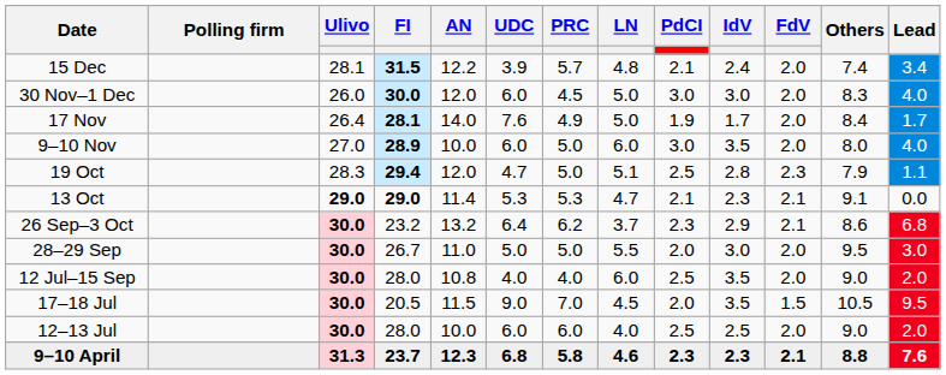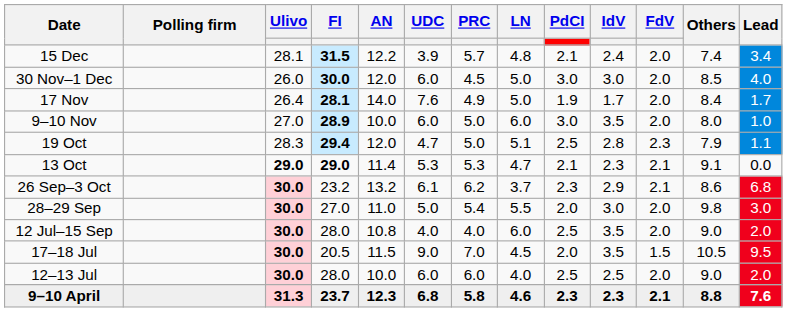 <table class="wikitable collapsible" style="text-align:center;font-size:85%;line-height:13px">
 <tr style="height:30px; background-color:#E9E9E9">
 <th style="width:100px;" rowspan="2">Date</th>
 <th style="width:120px;" rowspan="2">Polling firm</th>
 <th style="width:35px;"><a href='#'>Ulivo</a></th>
 <th style="width:35px;"><a href='#'>FI</a></th>
 <th style="width:35px;"><a href='#'>AN</a></th>
 <th style="width:35px;"><a href='#'>UDC</a></th>
 <th style="width:35px;"><a href='#'>PRC</a></th>
 <th style="width:35px;"><a href='#'>LN</a></th>
 <th style="width:35px;"><a href='#'>PdCI</a></th>
 <th style="width:35px;"><a href='#'>IdV</a></th>
 <th style="width:35px;"><a href='#'>FdV</a></th>
 <th style="width:35px;" rowspan="2">Others</th>
 <th style="width:25px;" rowspan="2">Lead</th>
 </tr>
 <tr>
 <th style="background:"></th>
 <th style="background:"></th>
 <th style="background:"></th>
 <th style="background:"></th>
 <th style="background:"></th>
 <th style="background:"></th>
 <th style="background:red;"></th>
 <th style="background:"></th>
 <th style="background:"></th>
 </tr>
 <tr>
 <td>15 Dec</td>
 <td></td>
 <td>28.1</td>
 <td style="background:#C8EBFF"><strong>31.5</strong></td>
 <td>12.2</td>
 <td>3.9</td>
 <td>5.7</td>
 <td>4.8</td>
 <td>2.1</td>
 <td>2.4</td>
 <td>2.0</td>
 <td>7.4</td>
 <td style="background:#0087DC; color:white;">3.4</td>
 </tr>
 <tr>
 <td>30 Nov–1 Dec</td>
 <td></td>
 <td>26.0</td>
 <td style="background:#C8EBFF"><strong>30.0</strong></td>
 <td>12.0</td>
 <td>6.0</td>
 <td>4.5</td>
 <td>5.0</td>
 <td>3.0</td>
 <td>3.0</td>
 <td>2.0</td>
-<td>8.3</td>
+<td>8.5</td>
 <td style="background:#0087DC; color:white;">4.0</td>
 </tr>
 <tr>
 <td>17 Nov</td>
 <td></td>
 <td>26.4</td>
 <td style="background:#C8EBFF"><strong>28.1</strong></td>
 <td>14.0</td>
 <td>7.6</td>
 <td>4.9</td>
 <td>5.0</td>
 <td>1.9</td>
 <td>1.7</td>
 <td>2.0</td>
 <td>8.4</td>
 <td style="background:#0087DC; color:white;">1.7</td>
 </tr>
 <tr>
 <td>9–10 Nov</td>
 <td></td>
 <td>27.0</td>
 <td style="background:#C8EBFF"><strong>28.9</strong></td>
 <td>10.0</td>
 <td>6.0</td>
 <td>5.0</td>
 <td>6.0</td>
 <td>3.0</td>
 <td>3.5</td>
 <td>2.0</td>
 <td>8.0</td>
-<td style="background:#0087DC; color:white;">4.0</td>
+<td style="background:#0087DC; color:white;">1.0</td>
 </tr>
 <tr>
 <td>19 Oct</td>
 <td></td>
 <td>28.3</td>
 <td style="background:#C8EBFF"><strong>29.4</strong></td>
 <td>12.0</td>
 <td>4.7</td>
 <td>5.0</td>
 <td>5.1</td>
 <td>2.5</td>
 <td>2.8</td>
 <td>2.3</td>
 <td>7.9</td>
 <td style="background:#0087DC; color:white;">1.1</td>
 </tr>
 <tr>
 <td>13 Oct</td>
 <td></td>
 <td><strong>29.0</strong></td>
 <td><strong>29.0</strong></td>
 <td>11.4</td>
 <td>5.3</td>
 <td>5.3</td>
 <td>4.7</td>
 <td>2.1</td>
 <td>2.3</td>
 <td>2.1</td>
 <td>9.1</td>
 <td>0.0</td>
 </tr>
 <tr>
 <td>26 Sep–3 Oct</td>
 <td></td>
 <td style="background:#FFD0D7"><strong>30.0</strong></td>
 <td>23.2</td>
 <td>13.2</td>
-<td>6.4</td>
+<td>6.1</td>
 <td>6.2</td>
 <td>3.7</td>
 <td>2.3</td>
 <td>2.9</td>
 <td>2.1</td>
 <td>8.6</td>
 <td style="background:#F0001C; color:white;">6.8</td>
 </tr>
 <tr>
 <td>28–29 Sep</td>
 <td></td>
 <td style="background:#FFD0D7"><strong>30.0</strong></td>
-<td>26.7</td>
+<td>27.0</td>
 <td>11.0</td>
 <td>5.0</td>
-<td>5.0</td>
+<td>5.4</td>
 <td>5.5</td>
 <td>2.0</td>
 <td>3.0</td>
 <td>2.0</td>
-<td>9.5</td>
+<td>9.8</td>
 <td style="background:#F0001C; color:white;">3.0</td>
 </tr>
 <tr>
 <td>12 Jul–15 Sep</td>
 <td></td>
 <td style="background:#FFD0D7"><strong>30.0</strong></td>
 <td>28.0</td>
 <td>10.8</td>
 <td>4.0</td>
 <td>4.0</td>
 <td>6.0</td>
 <td>2.5</td>
 <td>3.5</td>
 <td>2.0</td>
 <td>9.0</td>
 <td style="background:#F0001C; color:white;">2.0</td>
 </tr>
 <tr>
 <td>17–18 Jul</td>
 <td></td>
 <td style="background:#FFD0D7"><strong>30.0</strong></td>
 <td>20.5</td>
 <td>11.5</td>
 <td>9.0</td>
 <td>7.0</td>
 <td>4.5</td>
 <td>2.0</td>
 <td>3.5</td>
 <td>1.5</td>
 <td>10.5</td>
 <td style="background:#F0001C; color:white;">9.5</td>
 </tr>
 <tr>
 <td>12–13 Jul</td>
 <td></td>
 <td style="background:#FFD0D7"><strong>30.0</strong></td>
 <td>28.0</td>
 <td>10.0</td>
 <td>6.0</td>
 <td>6.0</td>
 <td>4.0</td>
 <td>2.5</td>
 <td>2.5</td>
 <td>2.0</td>
 <td>9.0</td>
 <td style="background:#F0001C; color:white;">2.0</td>
 </tr>
 <tr>
 </tr>
 <tr style="background:#EFEFEF; font-weight:bold;">
 <td>9–10 April</td>
 <td></td>
 <td style="background:#FFD0D7"><strong>31.3</strong></td>
 <td>23.7</td>
 <td>12.3</td>
 <td>6.8</td>
 <td>5.8</td>
 <td>4.6</td>
 <td>2.3</td>
 <td>2.3</td>
 <td>2.1</td>
 <td>8.8</td>
 <td style="background:#F0001C; color:white;">7.6</td>
 </tr>
 </table>
